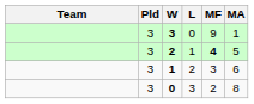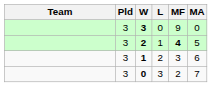 <table class=wikitable style="text-align:center">
 <tr>
 <th width=175>Team</th>
 <th width=20>Pld</th>
 <th width=20>W</th>
 <th width=20>L</th>
 <th width=20>MF</th>
 <th width=20>MA</th>
 </tr>
 <tr bgcolor=ccffcc>
 <td style="text-align:left"></td>
 <td>3</td>
 <td><strong>3</strong></td>
 <td>0</td>
 <td>9</td>
-<td>1</td>
+<td>0</td>
 </tr>
 <tr bgcolor=ccffcc>
 <td style="text-align:left"></td>
 <td>3</td>
 <td><strong>2</strong></td>
 <td>1</td>
 <td><strong>4</strong></td>
 <td>5</td>
 </tr>
 <tr>
 <td style="text-align:left"></td>
 <td>3</td>
 <td><strong>1</strong></td>
 <td>2</td>
 <td>3</td>
 <td>6</td>
 </tr>
 <tr>
 <td style="text-align:left"></td>
 <td>3</td>
 <td><strong>0</strong></td>
 <td>3</td>
 <td>2</td>
-<td>8</td>
+<td>7</td>
 </tr>
 </table>
